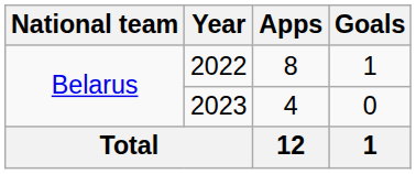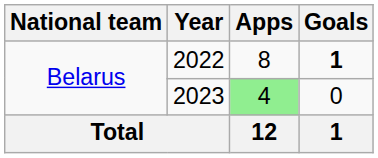 <table class="wikitable" style="text-align:center">
 <tr>
 <th>National team</th>
 <th>Year</th>
 <th>Apps</th>
 <th>Goals</th>
 </tr>
 <tr>
 <td rowspan="2"><a href='#'>Belarus</a></td>
 <td>2022</td>
 <td>8</td>
-<td>1</td>
+<td><strong>1</strong></td>
 </tr>
 <tr>
 <td>2023</td>
-<td>4</td>
+<td style="background: lightgreen;">4</td>
 <td>0</td>
 </tr>
 <tr>
 <th colspan=2>Total</th>
 <th>12</th>
 <th>1</th>
 </tr>
 </table>
